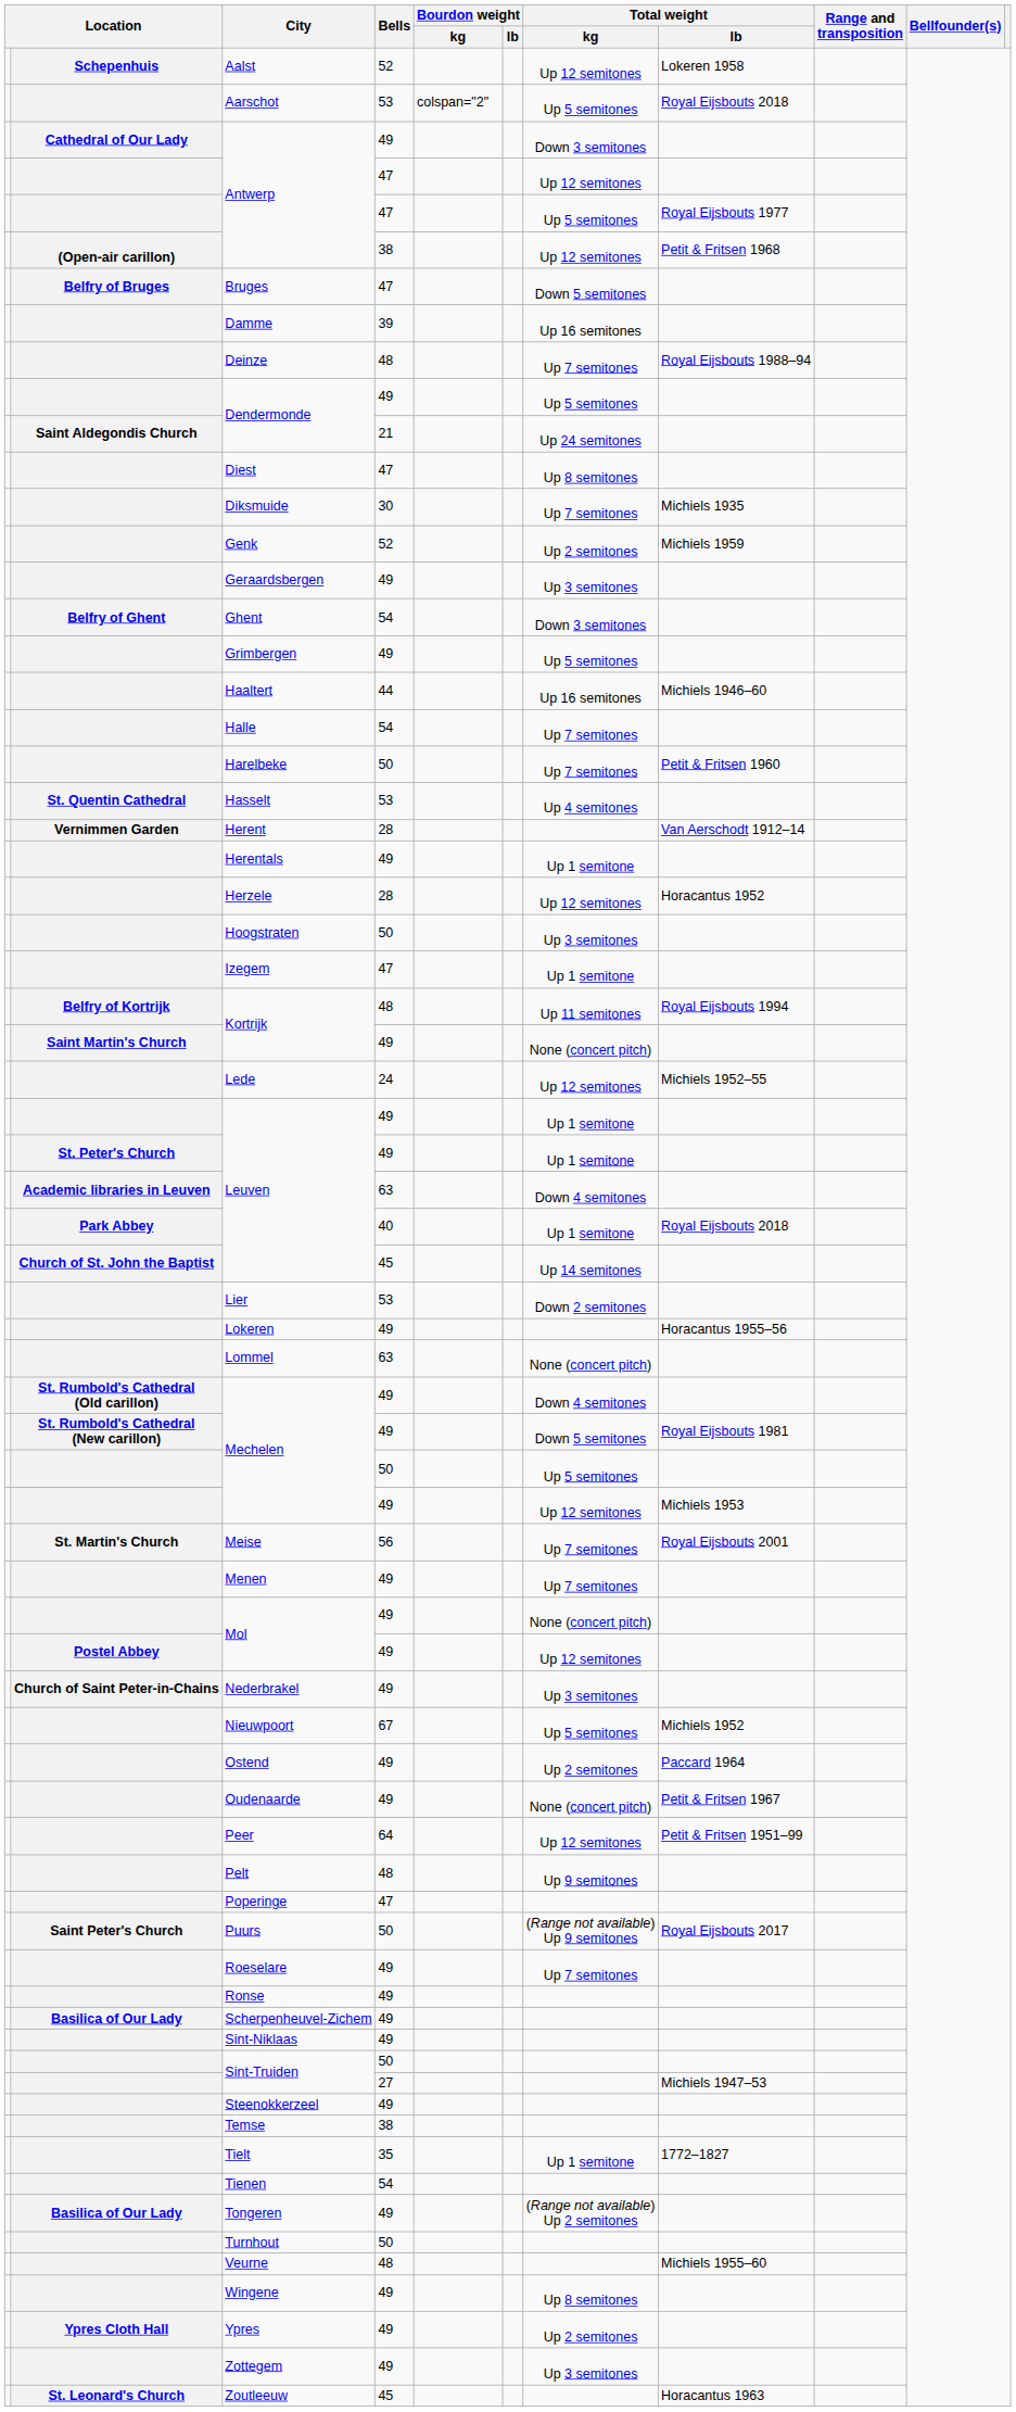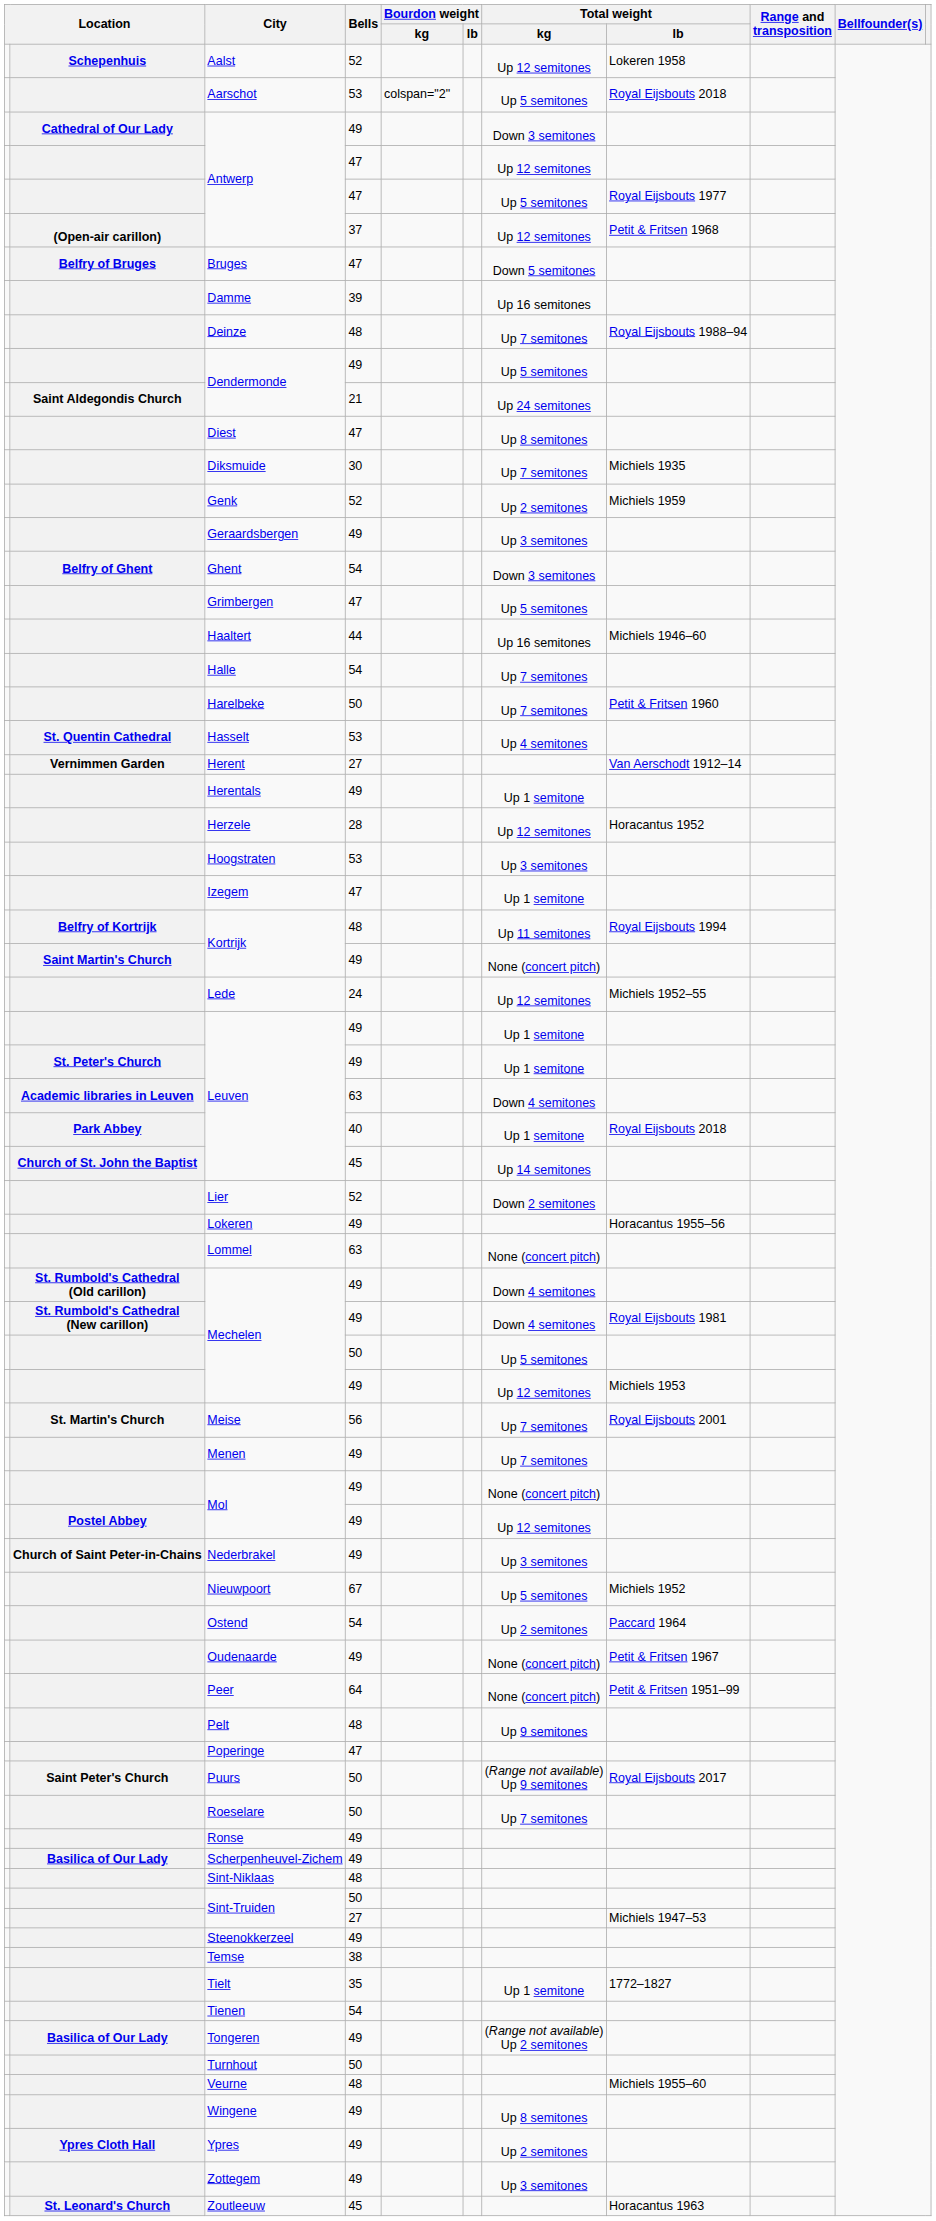 <table class="wikitable sortable plainrowheaders">
 <tr>
 <th scope="col" colspan="2" rowspan="2" class="unsortable">Location</th>
 <th scope="col" rowspan="2">City</th>
 <th scope="col" rowspan="2">Bells</th>
 <th scope="col" colspan="2"><a href='#'>Bourdon</a> weight</th>
 <th scope="col" colspan="2">Total weight</th>
 <th scope="col" rowspan="2" class="unsortable"><a href='#'>Range</a> and<br><a href='#'>transposition</a></th>
 <th scope="col" rowspan="2" class="unsortable"><a href='#'>Bellfounder(s)</a></th>
 <th scope="col" rowspan="2" class="unsortable"></th>
 </tr>
 <tr>
 <th scope="col">kg</th>
 <th scope="col">lb</th>
 <th scope="col">kg</th>
 <th scope="col">lb</th>
 </tr>
 <tr>
 <td></td>
 <th scope="row"><a href='#'>Schepenhuis</a></th>
 <td><a href='#'>Aalst</a></td>
 <td>52</td>
 <td></td>
 <td></td>
 <td style="text-align: center"><br>Up <a href='#'>12 semitones</a></td>
 <td>Lokeren 1958</td>
 <td></td>
 </tr>
 <tr>
 <td></td>
 <th scope="row"><br></th>
 <td><a href='#'>Aarschot</a></td>
 <td>53</td>
 <td>colspan="2" </td>
 <td></td>
 <td style="text-align: center"><br>Up <a href='#'>5 semitones</a></td>
 <td><a href='#'>Royal Eijsbouts</a> 2018</td>
 <td><br></td>
 </tr>
 <tr>
 <td></td>
 <th scope="row"><a href='#'>Cathedral of Our Lady</a></th>
 <td rowspan="4"><a href='#'>Antwerp</a></td>
 <td>49</td>
 <td></td>
 <td></td>
 <td style="text-align: center"><br>Down <a href='#'>3 semitones</a></td>
 <td></td>
 <td></td>
 </tr>
 <tr>
 <td></td>
 <th scope="row"></th>
 <td>47</td>
 <td></td>
 <td></td>
 <td style="text-align: center"><br>Up <a href='#'>12 semitones</a></td>
 <td></td>
 <td></td>
 </tr>
 <tr>
 <td></td>
 <th scope="row"></th>
 <td>47</td>
 <td></td>
 <td></td>
 <td style="text-align: center"><br>Up <a href='#'>5 semitones</a></td>
 <td><a href='#'>Royal Eijsbouts</a> 1977</td>
 <td></td>
 </tr>
 <tr>
 <td></td>
 <th scope="row"><br>(Open-air carillon)</th>
-<td>38</td>
+<td>37</td>
 <td></td>
 <td></td>
 <td style="text-align: center"><br>Up <a href='#'>12 semitones</a></td>
 <td><a href='#'>Petit & Fritsen</a> 1968</td>
 <td></td>
 </tr>
 <tr>
 <td></td>
 <th scope="row"><a href='#'>Belfry of Bruges</a></th>
 <td><a href='#'>Bruges</a></td>
 <td>47</td>
 <td></td>
 <td></td>
 <td style="text-align: center"><br>Down <a href='#'>5 semitones</a></td>
 <td></td>
 <td></td>
 </tr>
 <tr>
 <td></td>
 <th scope="row"></th>
 <td><a href='#'>Damme</a></td>
 <td>39</td>
 <td></td>
 <td></td>
 <td style="text-align: center"><br>Up 16 semitones</td>
 <td></td>
 <td></td>
 </tr>
 <tr>
 <td></td>
 <th scope="row"></th>
 <td><a href='#'>Deinze</a></td>
 <td>48</td>
 <td></td>
 <td></td>
 <td style="text-align: center"><br>Up <a href='#'>7 semitones</a></td>
 <td><a href='#'>Royal Eijsbouts</a> 1988–94</td>
 <td></td>
 </tr>
 <tr>
 <td></td>
 <th scope="row"></th>
 <td rowspan="2"><a href='#'>Dendermonde</a></td>
 <td>49</td>
 <td></td>
 <td></td>
 <td style="text-align: center"><br>Up <a href='#'>5 semitones</a></td>
 <td></td>
 <td></td>
 </tr>
 <tr>
 <td></td>
 <th scope="row">Saint Aldegondis Church</th>
 <td>21</td>
 <td></td>
 <td></td>
 <td style="text-align: center"><br>Up <a href='#'>24 semitones</a></td>
 <td></td>
 <td></td>
 </tr>
 <tr>
 <td></td>
 <th scope="row"></th>
 <td><a href='#'>Diest</a></td>
 <td>47</td>
 <td></td>
 <td></td>
 <td style="text-align: center"><br>Up <a href='#'>8 semitones</a></td>
 <td></td>
 <td></td>
 </tr>
 <tr>
 <td></td>
 <th scope="row"></th>
 <td><a href='#'>Diksmuide</a></td>
 <td>30</td>
 <td></td>
 <td></td>
 <td style="text-align: center"><br>Up <a href='#'>7 semitones</a></td>
 <td>Michiels 1935</td>
 <td></td>
 </tr>
 <tr>
 <td></td>
 <th scope="row"></th>
 <td><a href='#'>Genk</a></td>
 <td>52</td>
 <td></td>
 <td></td>
 <td style="text-align: center"><br>Up <a href='#'>2 semitones</a></td>
 <td>Michiels 1959</td>
 <td></td>
 </tr>
 <tr>
 <td></td>
 <th scope="row"></th>
 <td><a href='#'>Geraardsbergen</a></td>
 <td>49</td>
 <td></td>
 <td></td>
 <td style="text-align: center"><br>Up <a href='#'>3 semitones</a></td>
 <td></td>
 <td></td>
 </tr>
 <tr>
 <td></td>
 <th scope="row"><a href='#'>Belfry of Ghent</a></th>
 <td><a href='#'>Ghent</a></td>
 <td>54</td>
 <td></td>
 <td></td>
 <td style="text-align: center"><br>Down <a href='#'>3 semitones</a></td>
 <td></td>
 <td></td>
 </tr>
 <tr>
 <td></td>
 <th scope="row"></th>
 <td><a href='#'>Grimbergen</a></td>
-<td>49</td>
+<td>47</td>
 <td></td>
 <td></td>
 <td style="text-align: center"><br>Up <a href='#'>5 semitones</a></td>
 <td></td>
 <td></td>
 </tr>
 <tr>
 <td></td>
 <th scope="row"></th>
 <td><a href='#'>Haaltert</a></td>
 <td>44</td>
 <td></td>
 <td></td>
 <td style="text-align: center"><br>Up 16 semitones</td>
 <td>Michiels 1946–60</td>
 <td></td>
 </tr>
 <tr>
 <td></td>
 <th scope="row"></th>
 <td><a href='#'>Halle</a></td>
 <td>54</td>
 <td></td>
 <td></td>
 <td style="text-align: center"><br>Up <a href='#'>7 semitones</a></td>
 <td></td>
 <td></td>
 </tr>
 <tr>
 <td></td>
 <th scope="row"></th>
 <td><a href='#'>Harelbeke</a></td>
 <td>50</td>
 <td></td>
 <td></td>
 <td style="text-align: center"><br>Up <a href='#'>7 semitones</a></td>
 <td><a href='#'>Petit & Fritsen</a> 1960</td>
 <td></td>
 </tr>
 <tr>
 <td></td>
 <th scope="row"><a href='#'>St. Quentin Cathedral</a></th>
 <td><a href='#'>Hasselt</a></td>
 <td>53</td>
 <td></td>
 <td></td>
 <td style="text-align: center"><br>Up <a href='#'>4 semitones</a></td>
 <td></td>
 <td></td>
 </tr>
 <tr>
 <td></td>
 <th scope="row">Vernimmen Garden</th>
 <td><a href='#'>Herent</a></td>
-<td>28</td>
+<td>27</td>
 <td></td>
 <td></td>
 <td></td>
 <td><a href='#'>Van Aerschodt</a> 1912–14</td>
 <td></td>
 </tr>
 <tr>
 <td></td>
 <th scope="row"></th>
 <td><a href='#'>Herentals</a></td>
 <td>49</td>
 <td></td>
 <td></td>
 <td style="text-align: center"><br>Up 1 <a href='#'>semitone</a></td>
 <td></td>
 <td></td>
 </tr>
 <tr>
 <td></td>
 <th scope="row"></th>
 <td><a href='#'>Herzele</a></td>
 <td>28</td>
 <td></td>
 <td></td>
 <td style="text-align: center"><br>Up <a href='#'>12 semitones</a></td>
 <td>Horacantus 1952</td>
 <td></td>
 </tr>
 <tr>
 <td></td>
 <th scope="row"></th>
 <td><a href='#'>Hoogstraten</a></td>
-<td>50</td>
+<td>53</td>
 <td></td>
 <td></td>
 <td style="text-align: center"><br>Up <a href='#'>3 semitones</a></td>
 <td></td>
 <td></td>
 </tr>
 <tr>
 <td></td>
 <th scope="row"></th>
 <td><a href='#'>Izegem</a></td>
 <td>47</td>
 <td></td>
 <td></td>
 <td style="text-align: center"><br>Up 1 <a href='#'>semitone</a></td>
 <td></td>
 <td></td>
 </tr>
 <tr>
 <td></td>
 <th scope="row"><a href='#'>Belfry of Kortrijk</a></th>
 <td rowspan="2"><a href='#'>Kortrijk</a></td>
 <td>48</td>
 <td></td>
 <td></td>
 <td style="text-align: center"><br>Up <a href='#'>11 semitones</a></td>
 <td><a href='#'>Royal Eijsbouts</a> 1994</td>
 <td></td>
 </tr>
 <tr>
 <td></td>
 <th scope="row"><a href='#'>Saint Martin's Church</a></th>
 <td>49</td>
 <td></td>
 <td></td>
 <td style="text-align: center"><br>None (<a href='#'>concert pitch</a>)</td>
 <td></td>
 <td></td>
 </tr>
 <tr>
 <td></td>
 <th scope="row"></th>
 <td><a href='#'>Lede</a></td>
 <td>24</td>
 <td></td>
 <td></td>
 <td style="text-align: center"><br>Up <a href='#'>12 semitones</a></td>
 <td>Michiels 1952–55</td>
 <td></td>
 </tr>
 <tr>
 <td></td>
 <th scope="row"></th>
 <td rowspan="5"><a href='#'>Leuven</a></td>
 <td>49</td>
 <td></td>
 <td></td>
 <td style="text-align: center"><br>Up 1 <a href='#'>semitone</a></td>
 <td></td>
 <td></td>
 </tr>
 <tr>
 <td></td>
 <th scope="row"><a href='#'>St. Peter's Church</a></th>
 <td>49</td>
 <td></td>
 <td></td>
 <td style="text-align: center"><br>Up 1 <a href='#'>semitone</a></td>
 <td></td>
 <td></td>
 </tr>
 <tr>
 <td></td>
 <th scope="row"><a href='#'>Academic libraries in Leuven</a></th>
 <td>63</td>
 <td></td>
 <td></td>
 <td style="text-align: center"><br>Down <a href='#'>4 semitones</a></td>
 <td></td>
 <td></td>
 </tr>
 <tr>
 <td></td>
 <th scope="row"><a href='#'>Park Abbey</a></th>
 <td>40</td>
 <td></td>
 <td></td>
 <td style="text-align: center"><br>Up 1 <a href='#'>semitone</a></td>
 <td><a href='#'>Royal Eijsbouts</a> 2018</td>
 <td></td>
 </tr>
 <tr>
 <td></td>
 <th scope="row"><a href='#'>Church of St. John the Baptist</a></th>
 <td>45</td>
 <td></td>
 <td></td>
 <td style="text-align: center"><br>Up <a href='#'>14 semitones</a></td>
 <td></td>
 <td></td>
 </tr>
 <tr>
 <td></td>
 <th scope="row"></th>
 <td><a href='#'>Lier</a></td>
-<td>53</td>
+<td>52</td>
 <td></td>
 <td></td>
 <td style="text-align: center"><br>Down <a href='#'>2 semitones</a></td>
 <td></td>
 <td></td>
 </tr>
 <tr>
 <td></td>
 <th scope="row"></th>
 <td><a href='#'>Lokeren</a></td>
 <td>49</td>
 <td></td>
 <td></td>
 <td></td>
 <td>Horacantus 1955–56</td>
 <td></td>
 </tr>
 <tr>
 <td></td>
 <th scope="row"></th>
 <td><a href='#'>Lommel</a></td>
 <td>63</td>
 <td></td>
 <td></td>
 <td style="text-align: center"><br>None (<a href='#'>concert pitch</a>)</td>
 <td></td>
 <td></td>
 </tr>
 <tr>
 <td></td>
 <th scope="row"><a href='#'>St. Rumbold's Cathedral</a><br>(Old carillon)</th>
 <td rowspan="4"><a href='#'>Mechelen</a></td>
 <td>49</td>
 <td></td>
 <td></td>
 <td style="text-align: center"><br>Down <a href='#'>4 semitones</a></td>
 <td></td>
 <td></td>
 </tr>
 <tr>
 <td></td>
 <th scope="row"><a href='#'>St. Rumbold's Cathedral</a><br>(New carillon)</th>
 <td>49</td>
 <td></td>
 <td></td>
-<td style="text-align: center"><br>Down <a href='#'>5 semitones</a></td>
+<td style="text-align: center"><br>Down <a href='#'>4 semitones</a></td>
 <td><a href='#'>Royal Eijsbouts</a> 1981</td>
 <td></td>
 </tr>
 <tr>
 <td></td>
 <th scope="row"></th>
 <td>50</td>
 <td></td>
 <td></td>
 <td style="text-align: center"><br>Up <a href='#'>5 semitones</a></td>
 <td></td>
 <td></td>
 </tr>
 <tr>
 <td></td>
 <th scope="row"></th>
 <td>49</td>
 <td></td>
 <td></td>
 <td style="text-align: center"><br>Up <a href='#'>12 semitones</a></td>
 <td>Michiels 1953</td>
 <td></td>
 </tr>
 <tr>
 <td></td>
 <th scope="row">St. Martin's Church</th>
 <td><a href='#'>Meise</a></td>
 <td>56</td>
 <td></td>
 <td></td>
 <td style="text-align: center"><br>Up <a href='#'>7 semitones</a></td>
 <td><a href='#'>Royal Eijsbouts</a> 2001</td>
 <td></td>
 </tr>
 <tr>
 <td></td>
 <th scope="row"></th>
 <td><a href='#'>Menen</a></td>
 <td>49</td>
 <td></td>
 <td></td>
 <td style="text-align: center"><br>Up <a href='#'>7 semitones</a></td>
 <td></td>
 <td></td>
 </tr>
 <tr>
 <td></td>
 <th scope="row"></th>
 <td rowspan="2"><a href='#'>Mol</a></td>
 <td>49</td>
 <td></td>
 <td></td>
 <td style="text-align: center"><br>None (<a href='#'>concert pitch</a>)</td>
 <td></td>
 <td></td>
 </tr>
 <tr>
 <td></td>
 <th scope="row"><a href='#'>Postel Abbey</a></th>
 <td>49</td>
 <td></td>
 <td></td>
 <td style="text-align: center"><br>Up <a href='#'>12 semitones</a></td>
 <td></td>
 <td></td>
 </tr>
 <tr>
 <td></td>
 <th scope="row">Church of Saint Peter-in-Chains</th>
 <td><a href='#'>Nederbrakel</a></td>
 <td>49</td>
 <td></td>
 <td></td>
 <td style="text-align: center"><br>Up <a href='#'>3 semitones</a></td>
 <td></td>
 <td></td>
 </tr>
 <tr>
 <td></td>
 <th scope="row"></th>
 <td><a href='#'>Nieuwpoort</a></td>
 <td>67</td>
 <td></td>
 <td></td>
 <td style="text-align: center"><br>Up <a href='#'>5 semitones</a></td>
 <td>Michiels 1952</td>
 <td></td>
 </tr>
 <tr>
 <td></td>
 <th scope="row"></th>
 <td><a href='#'>Ostend</a></td>
-<td>49</td>
+<td>54</td>
 <td></td>
 <td></td>
 <td style="text-align: center"><br>Up <a href='#'>2 semitones</a></td>
 <td><a href='#'>Paccard</a> 1964</td>
 <td></td>
 </tr>
 <tr>
 <td></td>
 <th scope="row"></th>
 <td><a href='#'>Oudenaarde</a></td>
 <td>49</td>
 <td></td>
 <td></td>
 <td style="text-align: center"><br>None (<a href='#'>concert pitch</a>)</td>
 <td><a href='#'>Petit & Fritsen</a> 1967</td>
 <td></td>
 </tr>
 <tr>
 <td></td>
 <th scope="row"></th>
 <td><a href='#'>Peer</a></td>
 <td>64</td>
 <td></td>
 <td></td>
-<td style="text-align: center"><br>Up <a href='#'>12 semitones</a></td>
+<td style="text-align: center"><br>None (<a href='#'>concert pitch</a>)</td>
 <td><a href='#'>Petit & Fritsen</a> 1951–99</td>
 <td></td>
 </tr>
 <tr>
 <td></td>
 <th scope="row"></th>
 <td><a href='#'>Pelt</a></td>
 <td>48</td>
 <td></td>
 <td></td>
 <td style="text-align: center"><br>Up <a href='#'>9 semitones</a></td>
 <td></td>
 <td></td>
 </tr>
 <tr>
 <td></td>
 <th scope="row"></th>
 <td><a href='#'>Poperinge</a></td>
 <td>47</td>
 <td></td>
 <td></td>
 <td></td>
 <td></td>
 <td></td>
 </tr>
 <tr>
 <td></td>
 <th scope="row">Saint Peter's Church</th>
 <td><a href='#'>Puurs</a></td>
 <td>50</td>
 <td></td>
 <td></td>
 <td style="text-align: center">(<em>Range not available</em>)<br>Up <a href='#'>9 semitones</a></td>
 <td><a href='#'>Royal Eijsbouts</a> 2017</td>
 <td></td>
 </tr>
 <tr>
 <td></td>
 <th scope="row"></th>
 <td><a href='#'>Roeselare</a></td>
-<td>49</td>
+<td>50</td>
 <td></td>
 <td></td>
 <td style="text-align: center"><br>Up <a href='#'>7 semitones</a></td>
 <td></td>
 <td></td>
 </tr>
 <tr>
 <td></td>
 <th scope="row"></th>
 <td><a href='#'>Ronse</a></td>
 <td>49</td>
 <td></td>
 <td></td>
 <td></td>
 <td></td>
 <td></td>
 </tr>
 <tr>
 <td></td>
 <th scope="row"><a href='#'>Basilica of Our Lady</a></th>
 <td><a href='#'>Scherpenheuvel-Zichem</a></td>
 <td>49</td>
 <td></td>
 <td></td>
 <td></td>
 <td></td>
 <td></td>
 </tr>
 <tr>
 <td></td>
 <th scope="row"></th>
 <td><a href='#'>Sint-Niklaas</a></td>
-<td>49</td>
+<td>48</td>
 <td></td>
 <td></td>
 <td></td>
 <td></td>
 <td></td>
 </tr>
 <tr>
 <td></td>
 <th scope="row"></th>
 <td rowspan="2"><a href='#'>Sint-Truiden</a></td>
 <td>50</td>
 <td></td>
 <td></td>
 <td></td>
 <td></td>
 <td></td>
 </tr>
 <tr>
 <td></td>
 <th scope="row"></th>
 <td>27</td>
 <td></td>
 <td></td>
 <td></td>
 <td>Michiels 1947–53</td>
 <td></td>
 </tr>
 <tr>
 <td></td>
 <th scope="row"></th>
 <td><a href='#'>Steenokkerzeel</a></td>
 <td>49</td>
 <td></td>
 <td></td>
 <td></td>
 <td></td>
 <td></td>
 </tr>
 <tr>
 <td></td>
 <th scope="row"></th>
 <td><a href='#'>Temse</a></td>
 <td>38</td>
 <td></td>
 <td></td>
 <td></td>
 <td></td>
 <td></td>
 </tr>
 <tr>
 <td></td>
 <th scope="row"></th>
 <td><a href='#'>Tielt</a></td>
 <td>35</td>
 <td></td>
 <td></td>
 <td style="text-align: center"><br>Up 1 <a href='#'>semitone</a></td>
 <td> 1772–1827</td>
 <td></td>
 </tr>
 <tr>
 <td></td>
 <th scope="row"></th>
 <td><a href='#'>Tienen</a></td>
 <td>54</td>
 <td></td>
 <td></td>
 <td></td>
 <td></td>
 <td></td>
 </tr>
 <tr>
 <td></td>
 <th scope="row"><a href='#'>Basilica of Our Lady</a></th>
 <td><a href='#'>Tongeren</a></td>
 <td>49</td>
 <td></td>
 <td></td>
 <td style="text-align: center;">(<em>Range not available</em>)<br>Up <a href='#'>2 semitones</a></td>
 <td></td>
 <td></td>
 </tr>
 <tr>
 <td></td>
 <th scope="row"></th>
 <td><a href='#'>Turnhout</a></td>
 <td>50</td>
 <td></td>
 <td></td>
 <td></td>
 <td></td>
 <td></td>
 </tr>
 <tr>
 <td></td>
 <th scope="row"></th>
 <td><a href='#'>Veurne</a></td>
 <td>48</td>
 <td></td>
 <td></td>
 <td></td>
 <td>Michiels 1955–60</td>
 <td></td>
 </tr>
 <tr>
 <td></td>
 <th scope="row"></th>
 <td><a href='#'>Wingene</a></td>
 <td>49</td>
 <td></td>
 <td></td>
 <td style="text-align: center;"><br>Up <a href='#'>8 semitones</a></td>
 <td></td>
 <td></td>
 </tr>
 <tr>
 <td></td>
 <th scope="row"><a href='#'>Ypres Cloth Hall</a></th>
 <td><a href='#'>Ypres</a></td>
 <td>49</td>
 <td></td>
 <td></td>
 <td style="text-align: center"><br>Up <a href='#'>2 semitones</a></td>
 <td></td>
 <td></td>
 </tr>
 <tr>
 <td></td>
 <th scope="row"></th>
 <td><a href='#'>Zottegem</a></td>
 <td>49</td>
 <td></td>
 <td></td>
 <td style="text-align: center"><br>Up <a href='#'>3 semitones</a></td>
 <td></td>
 <td></td>
 </tr>
 <tr>
 <td></td>
 <th scope="row"><a href='#'>St. Leonard's Church</a></th>
 <td><a href='#'>Zoutleeuw</a></td>
 <td>45</td>
 <td></td>
 <td></td>
 <td></td>
 <td>Horacantus 1963</td>
 <td></td>
 </tr>
 </table>
